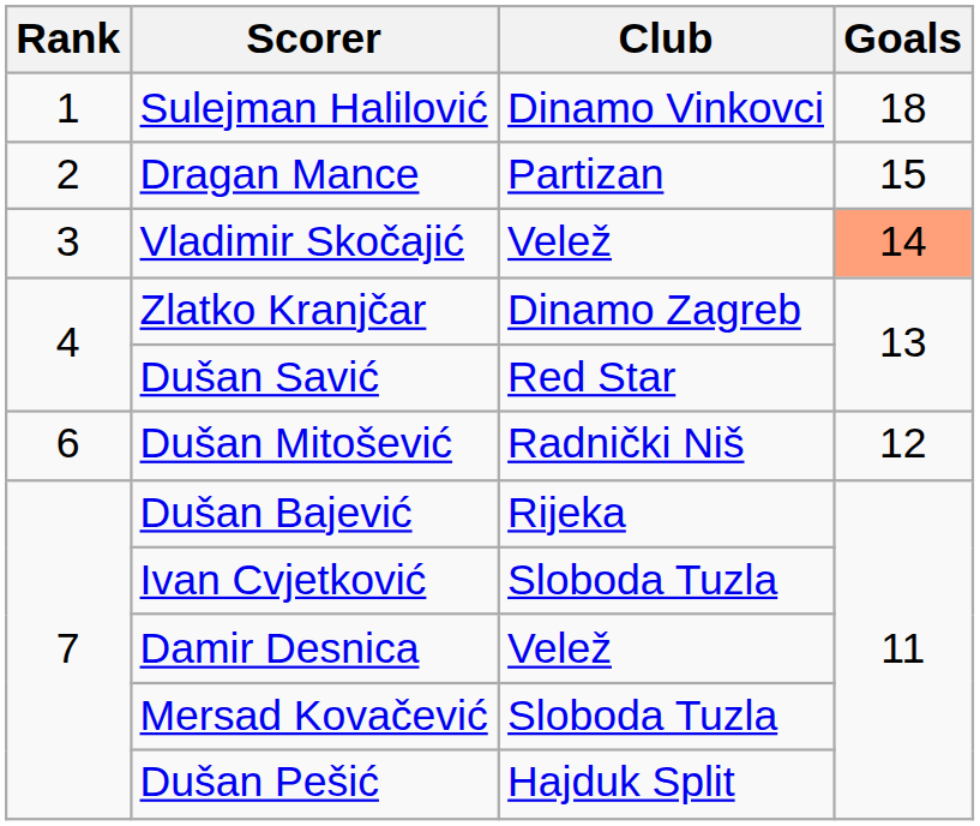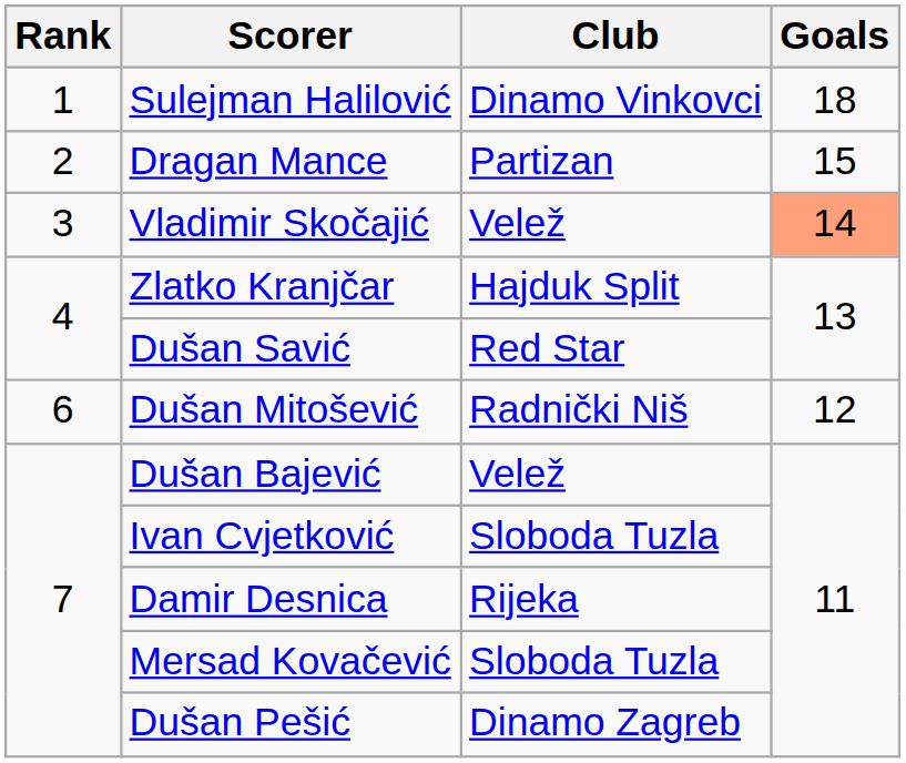 <table class="wikitable">
 <tr>
 <th>Rank</th>
 <th>Scorer</th>
 <th>Club</th>
 <th>Goals</th>
 </tr>
 <tr>
 <td align=center>1</td>
 <td> <a href='#'>Sulejman Halilović</a></td>
 <td><a href='#'>Dinamo Vinkovci</a></td>
 <td align=center>18</td>
 </tr>
 <tr>
 <td align=center>2</td>
 <td> <a href='#'>Dragan Mance</a></td>
 <td><a href='#'>Partizan</a></td>
 <td align=center>15</td>
 </tr>
 <tr>
 <td align=center>3</td>
 <td> <a href='#'>Vladimir Skočajić</a></td>
 <td><a href='#'>Velež</a></td>
 <td align=center style="background: lightsalmon;">14</td>
 </tr>
 <tr>
 <td rowspan=2 align=center>4</td>
 <td> <a href='#'>Zlatko Kranjčar</a></td>
-<td><a href='#'>Dinamo Zagreb</a></td>
+<td><a href='#'>Hajduk Split</a></td>
 <td rowspan=2 align=center>13</td>
 </tr>
 <tr>
 <td> <a href='#'>Dušan Savić</a></td>
 <td><a href='#'>Red Star</a></td>
 </tr>
 <tr>
 <td align=center>6</td>
 <td> <a href='#'>Dušan Mitošević</a></td>
 <td><a href='#'>Radnički Niš</a></td>
 <td align=center>12</td>
 </tr>
 <tr>
 <td rowspan=5 align=center>7</td>
 <td> <a href='#'>Dušan Bajević</a></td>
-<td><a href='#'>Rijeka</a></td>
+<td><a href='#'>Velež</a></td>
 <td rowspan=5 align=center>11</td>
 </tr>
 <tr>
 <td> <a href='#'>Ivan Cvjetković</a></td>
 <td><a href='#'>Sloboda Tuzla</a></td>
 </tr>
 <tr>
 <td> <a href='#'>Damir Desnica</a></td>
-<td><a href='#'>Velež</a></td>
+<td><a href='#'>Rijeka</a></td>
 </tr>
 <tr>
 <td> <a href='#'>Mersad Kovačević</a></td>
 <td><a href='#'>Sloboda Tuzla</a></td>
 </tr>
 <tr>
 <td> <a href='#'>Dušan Pešić</a></td>
-<td><a href='#'>Hajduk Split</a></td>
+<td><a href='#'>Dinamo Zagreb</a></td>
 </tr>
 </table>
